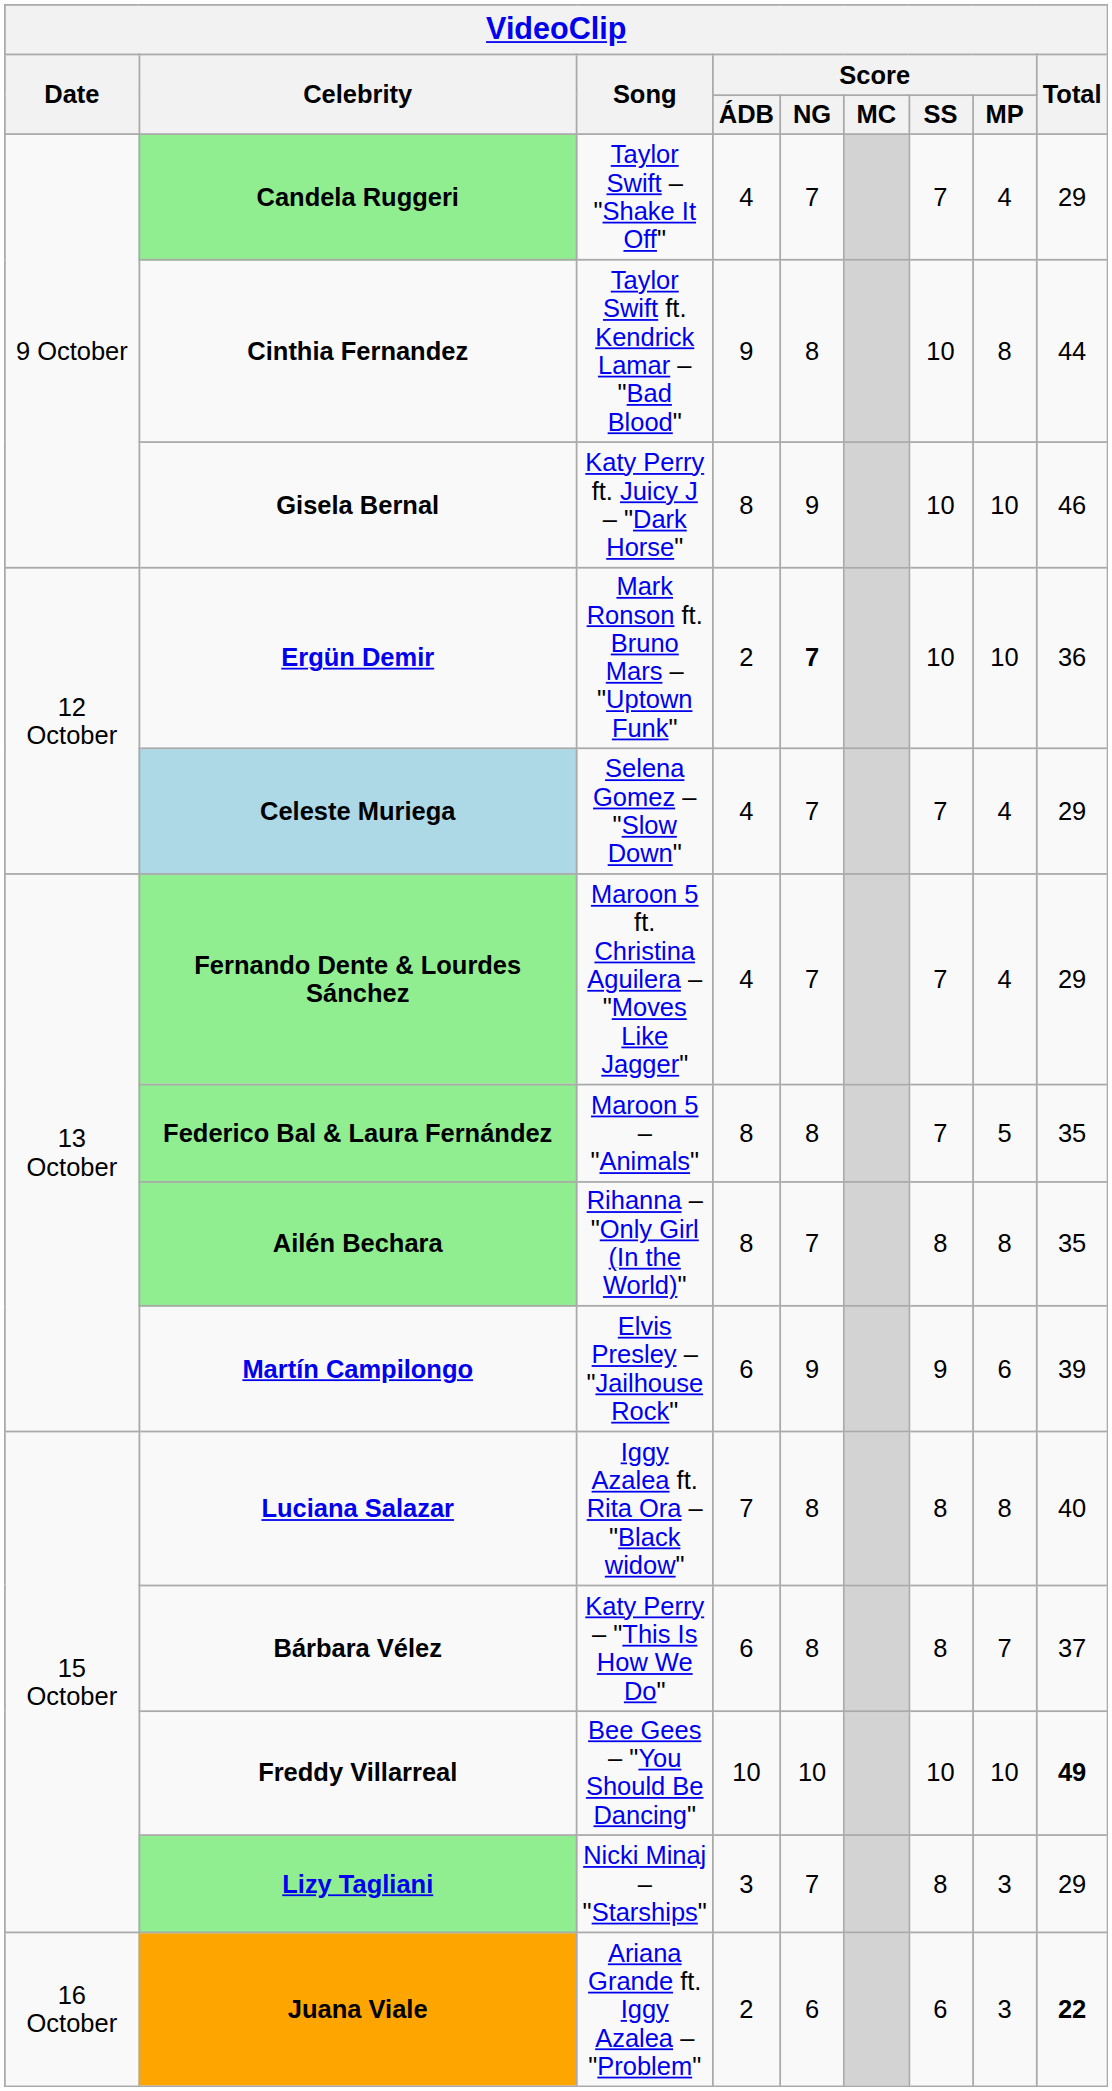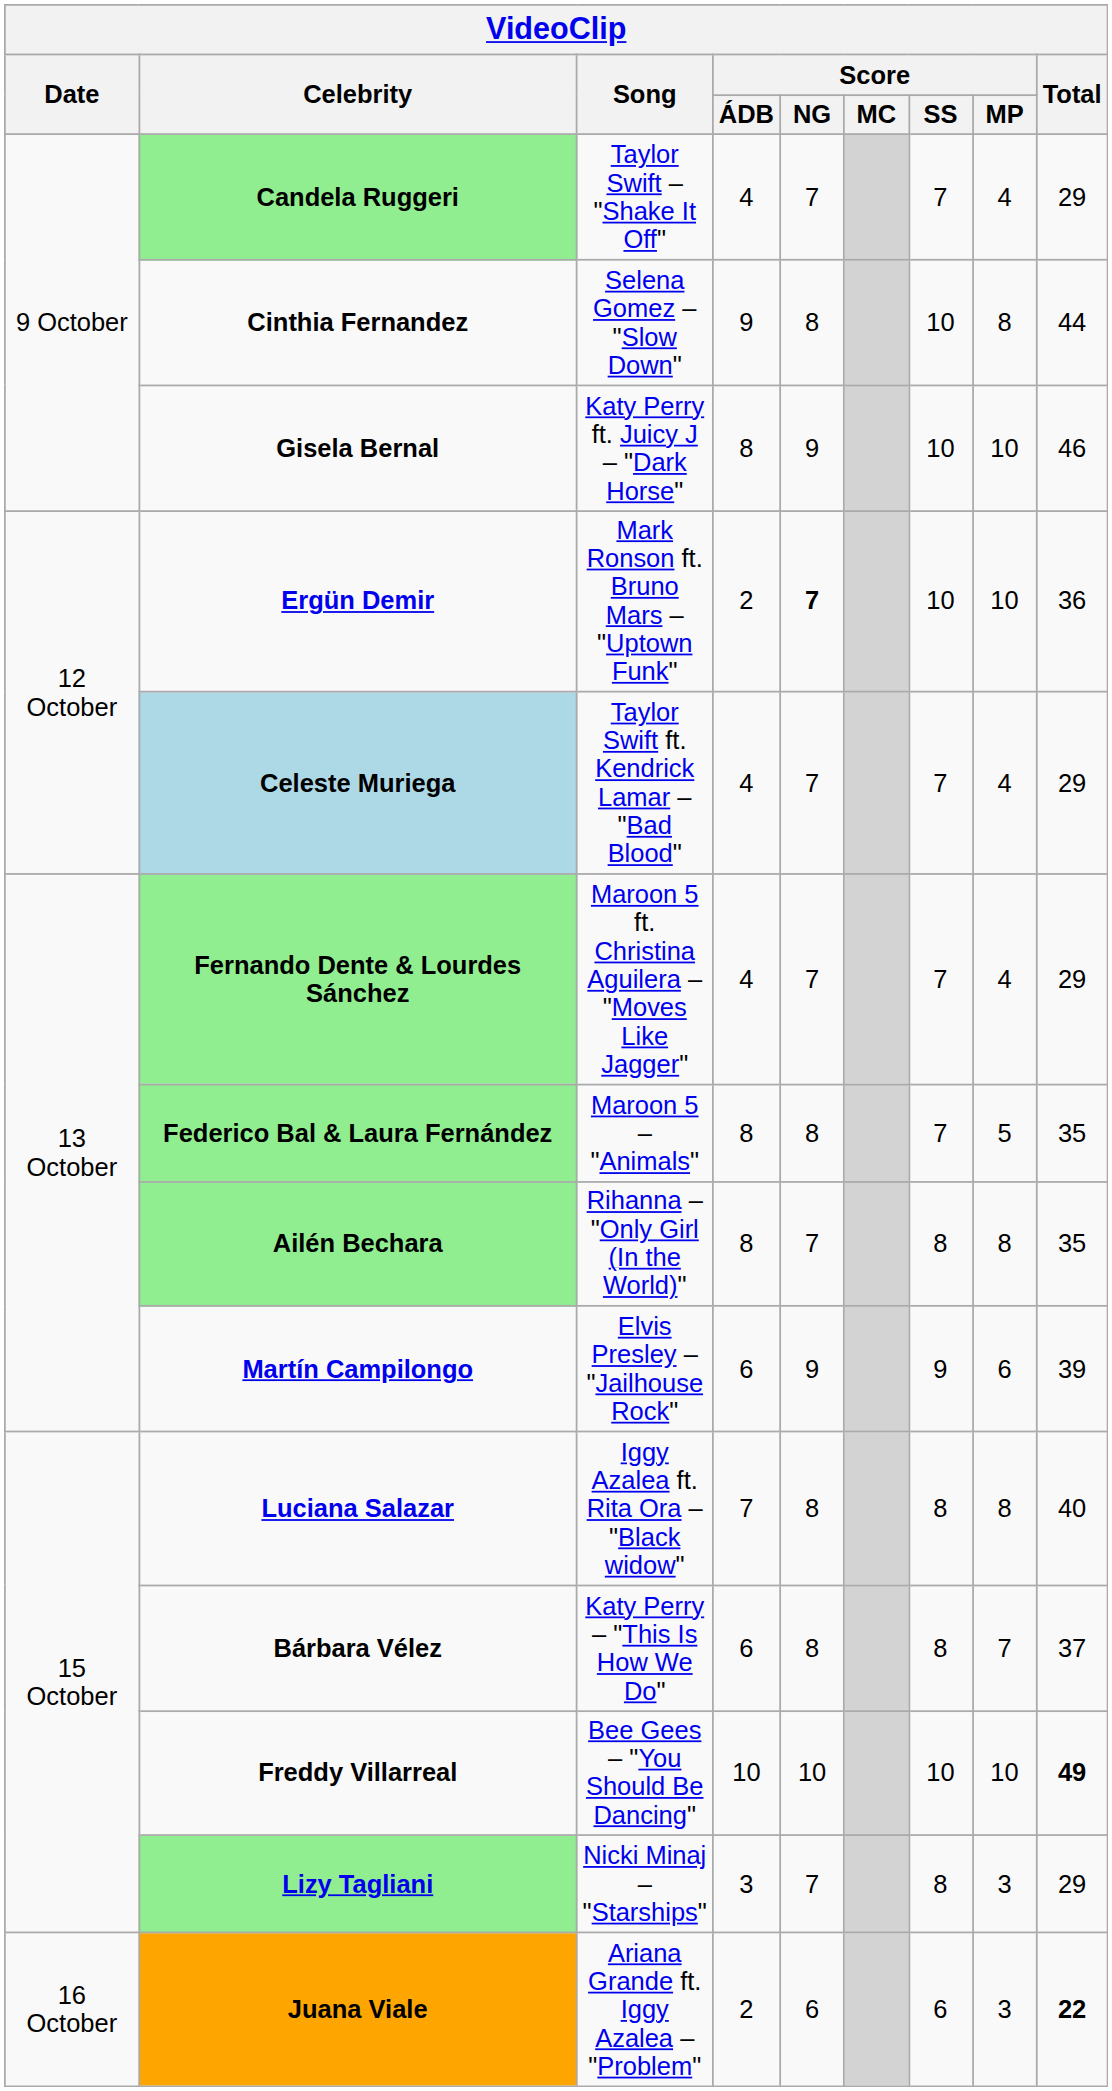 <table class="wikitable collapsible collapsed" style="font-size:90%; text-align: center; width: 100%;">
 <tr>
 <th colspan="11" style="with: 95%;" align=center><big><a href='#'>VideoClip</a></big></th>
 </tr>
 <tr>
 <th width=70 rowspan="2">Date</th>
 <th width=250 rowspan="2">Celebrity</th>
 <th rowspan="2">Song</th>
 <th colspan="5">Score</th>
 <th rowspan="2">Total</th>
 </tr>
 <tr>
 <th width=30>ÁDB</th>
 <th width=30>NG</th>
 <th width=30>MC</th>
 <th width=30>SS</th>
 <th width=30>MP</th>
 </tr>
 <tr>
 <td rowspan=3>9 October</td>
 <td bgcolor="lightgreen"><strong>Candela Ruggeri</strong></td>
 <td><a href='#'>Taylor Swift</a> – "<a href='#'>Shake It Off</a>"</td>
 <td>4</td>
 <td>7</td>
 <td bgcolor="lightgray"></td>
 <td>7</td>
 <td>4</td>
 <td>29</td>
 </tr>
 <tr>
 <td><strong>Cinthia Fernandez</strong></td>
-<td><a href='#'>Taylor Swift</a> ft. <a href='#'>Kendrick Lamar</a> – "<a href='#'>Bad Blood</a>"</td>
+<td><a href='#'>Selena Gomez</a> – "<a href='#'>Slow Down</a>"</td>
 <td>9</td>
 <td>8</td>
 <td bgcolor="lightgray"></td>
 <td>10</td>
 <td>8</td>
 <td>44</td>
 </tr>
 <tr>
 <td><strong>Gisela Bernal</strong></td>
 <td><a href='#'>Katy Perry</a> ft. <a href='#'>Juicy J</a> – "<a href='#'>Dark Horse</a>"</td>
 <td>8</td>
 <td>9</td>
 <td bgcolor="lightgray"></td>
 <td>10</td>
 <td>10</td>
 <td>46</td>
 </tr>
 <tr>
 <td rowspan=2>12 October</td>
 <td><strong><a href='#'>Ergün Demir</a></strong></td>
 <td><a href='#'>Mark Ronson</a> ft. <a href='#'>Bruno Mars</a> – "<a href='#'>Uptown Funk</a>"</td>
 <td>2</td>
 <td><strong>7</strong></td>
 <td bgcolor="lightgray"></td>
 <td>10</td>
 <td>10</td>
 <td>36</td>
 </tr>
 <tr>
 <td bgcolor="lightblue"><strong>Celeste Muriega</strong></td>
-<td><a href='#'>Selena Gomez</a> – "<a href='#'>Slow Down</a>"</td>
+<td><a href='#'>Taylor Swift</a> ft. <a href='#'>Kendrick Lamar</a> – "<a href='#'>Bad Blood</a>"</td>
 <td>4</td>
 <td>7</td>
 <td bgcolor="lightgray"></td>
 <td>7</td>
 <td>4</td>
 <td>29</td>
 </tr>
 <tr>
 <td rowspan=4>13 October</td>
 <td bgcolor="lightgreen"><strong>Fernando Dente & Lourdes Sánchez</strong></td>
 <td><a href='#'>Maroon 5</a> ft. <a href='#'>Christina Aguilera</a> – "<a href='#'>Moves Like Jagger</a>"</td>
 <td>4</td>
 <td>7</td>
 <td bgcolor="lightgray"></td>
 <td>7</td>
 <td>4</td>
 <td>29</td>
 </tr>
 <tr>
 <td bgcolor="lightgreen"><strong>Federico Bal & Laura Fernández</strong></td>
 <td><a href='#'>Maroon 5</a> – "<a href='#'>Animals</a>"</td>
 <td>8</td>
 <td>8</td>
 <td bgcolor="lightgray"></td>
 <td>7</td>
 <td>5</td>
 <td>35</td>
 </tr>
 <tr>
 <td bgcolor="lightgreen"><strong>Ailén Bechara</strong></td>
 <td><a href='#'>Rihanna</a> – "<a href='#'>Only Girl (In the World)</a>"</td>
 <td>8</td>
 <td>7</td>
 <td bgcolor="lightgray"></td>
 <td>8</td>
 <td>8</td>
 <td>35</td>
 </tr>
 <tr>
 <td><strong><a href='#'>Martín Campilongo</a></strong></td>
 <td><a href='#'>Elvis Presley</a> – "<a href='#'>Jailhouse Rock</a>"</td>
 <td>6</td>
 <td>9</td>
 <td bgcolor="lightgray"></td>
 <td>9</td>
 <td>6</td>
 <td>39</td>
 </tr>
 <tr>
 <td rowspan=4>15 October</td>
 <td><strong><a href='#'>Luciana Salazar</a></strong></td>
 <td><a href='#'>Iggy Azalea</a> ft. <a href='#'>Rita Ora</a> – "<a href='#'>Black widow</a>"</td>
 <td>7</td>
 <td>8</td>
 <td bgcolor="lightgray"></td>
 <td>8</td>
 <td>8</td>
 <td>40</td>
 </tr>
 <tr>
 <td><strong>Bárbara Vélez</strong></td>
 <td><a href='#'>Katy Perry</a> – "<a href='#'>This Is How We Do</a>"</td>
 <td>6</td>
 <td>8</td>
 <td bgcolor="lightgray"></td>
 <td>8</td>
 <td>7</td>
 <td>37</td>
 </tr>
 <tr>
 <td><strong>Freddy Villarreal</strong></td>
 <td><a href='#'>Bee Gees</a> – "<a href='#'>You Should Be Dancing</a>"</td>
 <td>10</td>
 <td>10</td>
 <td bgcolor="lightgray"></td>
 <td>10</td>
 <td>10</td>
 <td><span><strong>49</strong></span></td>
 </tr>
 <tr>
 <td bgcolor="lightgreen"><strong><a href='#'>Lizy Tagliani</a></strong></td>
 <td><a href='#'>Nicki Minaj</a> – "<a href='#'>Starships</a>"</td>
 <td>3</td>
 <td>7</td>
 <td bgcolor="lightgray"></td>
 <td>8</td>
 <td>3</td>
 <td>29</td>
 </tr>
 <tr>
 <td rowspan=1>16 October</td>
 <td bgcolor="Orange"><strong>Juana Viale</strong></td>
 <td><a href='#'>Ariana Grande</a> ft. <a href='#'>Iggy Azalea</a> – "<a href='#'>Problem</a>"</td>
 <td>2</td>
 <td>6</td>
 <td bgcolor="lightgray"></td>
 <td>6</td>
 <td>3</td>
 <td><span><strong>22</strong></span></td>
 </tr>
 </table>
